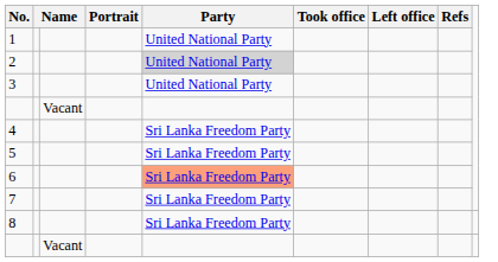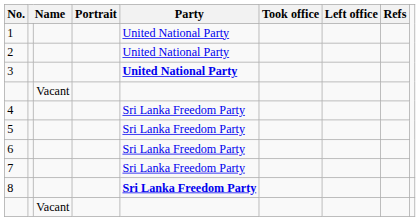 <table class="wikitable plainrowheaders sortable" style="font-size:100%; text-align:left;">
 <tr>
 <th>No.</th>
 <th colspan="2">Name</th>
 <th class=unsortable>Portrait</th>
 <th>Party</th>
 <th>Took office</th>
 <th>Left office</th>
 <th class=unsortable>Refs</th>
 </tr>
 <tr>
 <td>1</td>
 <td !align="center" style="background:"></td>
 <td></td>
 <td></td>
 <td><a href='#'>United National Party</a></td>
 <td align=center></td>
 <td align=center></td>
 <td align=center></td>
 </tr>
 <tr>
 <td>2</td>
 <td !align="center" style="background:"></td>
 <td></td>
 <td></td>
-<td style="background: lightgrey;"><a href='#'>United National Party</a></td>
+<td><a href='#'>United National Party</a></td>
 <td align=center></td>
 <td align=center></td>
 <td align=center></td>
 </tr>
 <tr>
 <td>3</td>
 <td !align="center" style="background:"></td>
 <td></td>
 <td></td>
-<td><a href='#'>United National Party</a></td>
+<td><strong><a href='#'>United National Party</a></strong></td>
 <td align=center></td>
 <td align=center></td>
 <td align=center></td>
 </tr>
 <tr>
 <td></td>
 <td></td>
 <td>Vacant</td>
 <td></td>
 <td></td>
 <td align=center></td>
 <td align=center></td>
 <td align=center></td>
 </tr>
 <tr>
 <td>4</td>
 <td !align="center" style="background:"></td>
 <td></td>
 <td></td>
 <td><a href='#'>Sri Lanka Freedom Party</a></td>
 <td align=center></td>
 <td align=center></td>
 <td align=center></td>
 </tr>
 <tr>
 <td>5</td>
 <td !align="center" style="background:"></td>
 <td></td>
 <td></td>
 <td><a href='#'>Sri Lanka Freedom Party</a></td>
 <td align=center></td>
 <td align=center></td>
 <td align=center></td>
 </tr>
 <tr>
 <td>6</td>
 <td !align="center" style="background:"></td>
 <td></td>
 <td></td>
-<td style="background: lightsalmon;"><a href='#'>Sri Lanka Freedom Party</a></td>
+<td><a href='#'>Sri Lanka Freedom Party</a></td>
 <td align=center></td>
 <td align=center></td>
 <td align=center></td>
 </tr>
 <tr>
 <td>7</td>
 <td !align="center" style="background:"></td>
 <td></td>
 <td></td>
 <td><a href='#'>Sri Lanka Freedom Party</a></td>
 <td align=center></td>
 <td align=center></td>
 <td align=center></td>
 </tr>
 <tr>
 <td>8</td>
 <td !align="center" style="background:"></td>
 <td></td>
 <td></td>
-<td><a href='#'>Sri Lanka Freedom Party</a></td>
+<td><strong><a href='#'>Sri Lanka Freedom Party</a></strong></td>
 <td align=center></td>
 <td></td>
 <td></td>
 <td align=center></td>
 </tr>
 <tr>
 <td></td>
 <td></td>
 <td>Vacant</td>
 <td></td>
 <td></td>
 <td align=center></td>
 <td align=center></td>
 <td align=center></td>
 </tr>
 </table>
